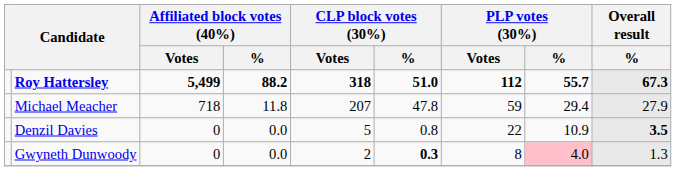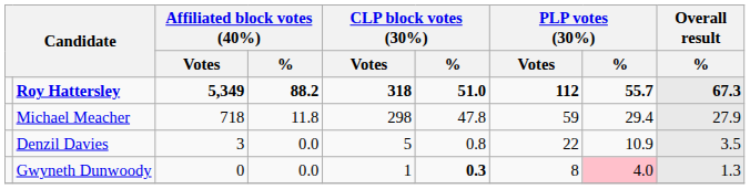 <table class=wikitable style="font-size:95%;">
 <tr>
 <th colspan="2" scope="col" rowspan="2" width="125">Candidate</th>
 <th scope="col" colspan="2" width="150"><a href='#'>Affiliated block votes</a> <br> (40%)</th>
 <th scope="col" colspan="2" width="150"><a href='#'>CLP block votes</a> <br> (30%)</th>
 <th scope="col" colspan="2" width="150"><a href='#'>PLP votes</a> <br> (30%)</th>
 <th scope="col" colspan="2" width="75">Overall result</th>
 </tr>
 <tr>
 <th>Votes</th>
 <th>%</th>
 <th>Votes</th>
 <th>%</th>
 <th>Votes</th>
 <th>%</th>
 <th>%</th>
 </tr>
 <tr align="right">
 <td style="background-color: "></td>
 <td scope="row" align="left"><strong><a href='#'>Roy Hattersley</a></strong> </td>
-<td><strong>5,499</strong></td>
+<td><strong>5,349</strong></td>
 <td><strong>88.2</strong></td>
 <td><strong>318</strong></td>
 <td><strong>51.0</strong></td>
 <td><strong>112</strong></td>
 <td><strong>55.7</strong></td>
 <td style="background:#e9e9e9;"><strong>67.3</strong></td>
 </tr>
 <tr align="right">
 <td style="background-color: "></td>
 <td scope="row" align="left"><a href='#'>Michael Meacher</a></td>
 <td>718</td>
 <td>11.8</td>
-<td>207</td>
+<td>298</td>
 <td>47.8</td>
 <td>59</td>
 <td>29.4</td>
 <td style="background:#e9e9e9;">27.9</td>
 </tr>
 <tr align="right">
 <td style="background-color: "></td>
 <td scope="row" align="left"><a href='#'>Denzil Davies</a></td>
-<td>0</td>
+<td>3</td>
 <td>0.0</td>
 <td>5</td>
 <td>0.8</td>
 <td>22</td>
 <td>10.9</td>
-<td style="background:#e9e9e9;"><strong>3.5</strong></td>
+<td style="background:#e9e9e9;">3.5</td>
 </tr>
 <tr align="right">
 <td style="background-color: "></td>
 <td scope="row" align="left"><a href='#'>Gwyneth Dunwoody</a></td>
 <td>0</td>
 <td>0.0</td>
-<td>2</td>
+<td>1</td>
 <td><strong>0.3</strong></td>
 <td>8</td>
 <td style="background: pink;">4.0</td>
 <td style="background:#e9e9e9;">1.3</td>
 </tr>
 <tr>
 </tr>
 </table>
